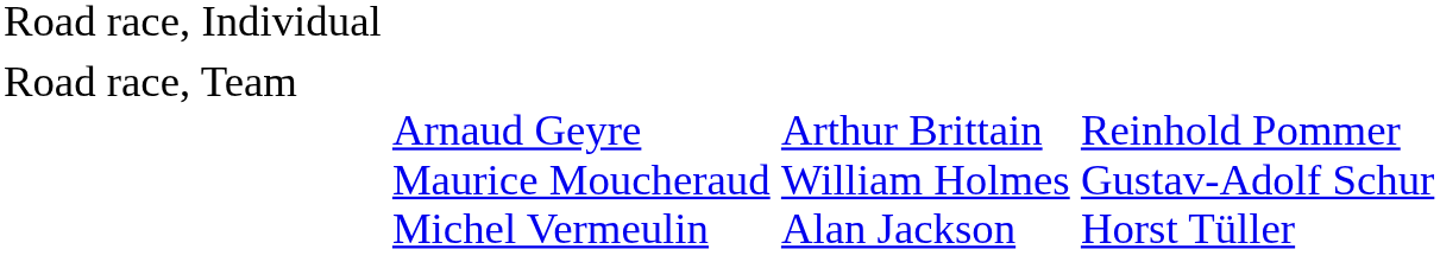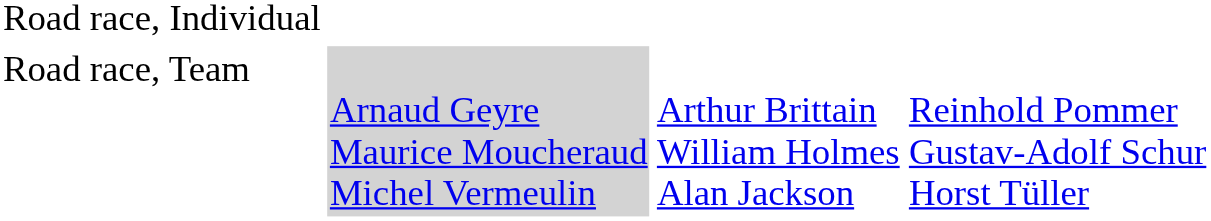 <table>
 <tr>
 <td>Road race, Individual<br></td>
 <td></td>
 <td></td>
 <td></td>
 </tr>
 <tr valign="top">
 <td>Road race, Team<br></td>
-<td><br><a href='#'>Arnaud Geyre</a><br><a href='#'>Maurice Moucheraud</a><br><a href='#'>Michel Vermeulin</a></td>
+<td style="background: lightgrey;"><br><a href='#'>Arnaud Geyre</a><br><a href='#'>Maurice Moucheraud</a><br><a href='#'>Michel Vermeulin</a></td>
 <td><br><a href='#'>Arthur Brittain</a><br><a href='#'>William Holmes</a><br><a href='#'>Alan Jackson</a></td>
 <td><br><a href='#'>Reinhold Pommer</a><br><a href='#'>Gustav-Adolf Schur</a><br><a href='#'>Horst Tüller</a></td>
 </tr>
 </table>
